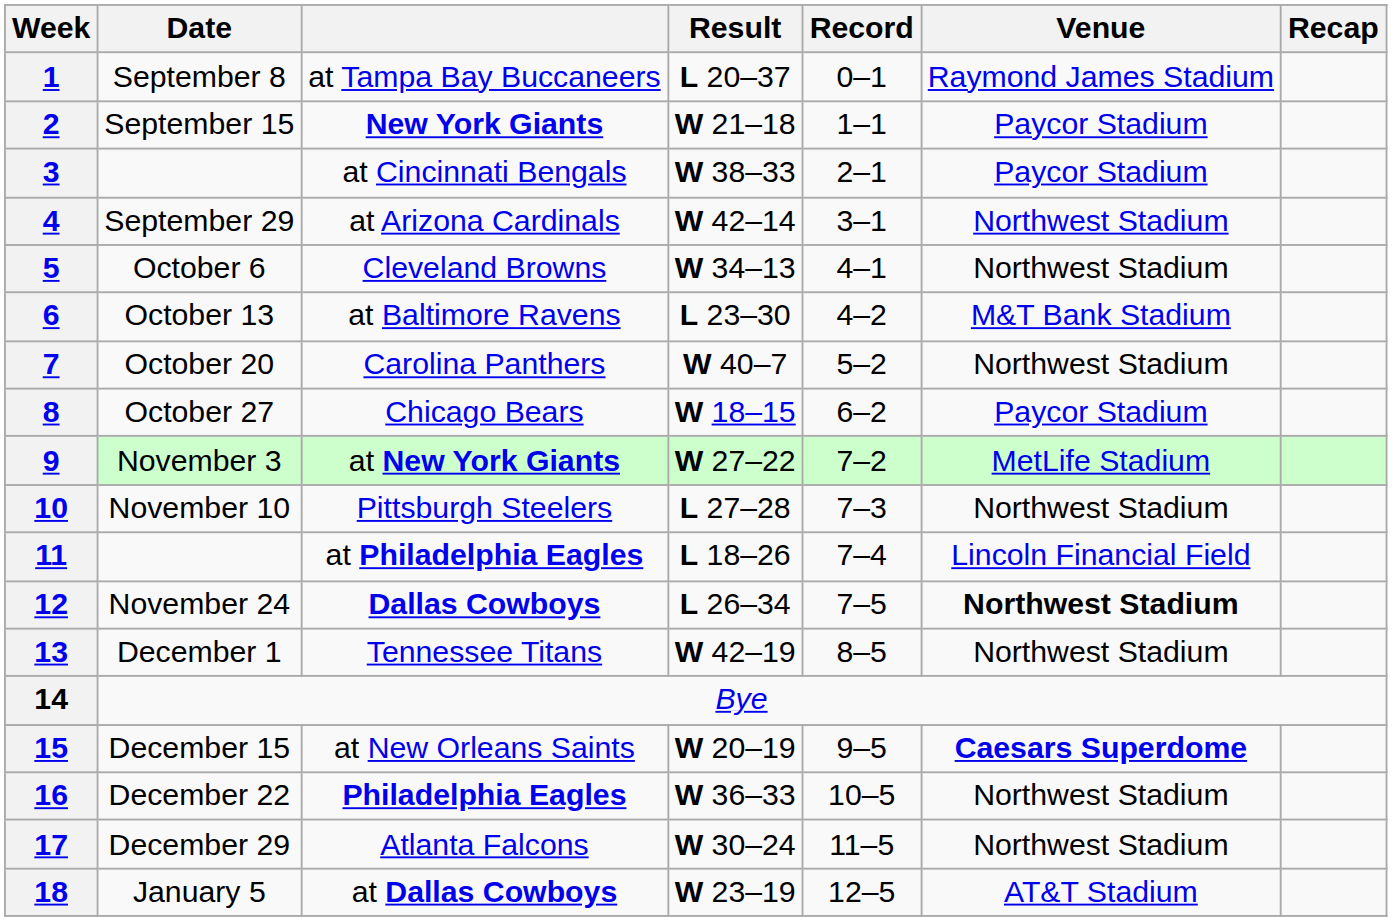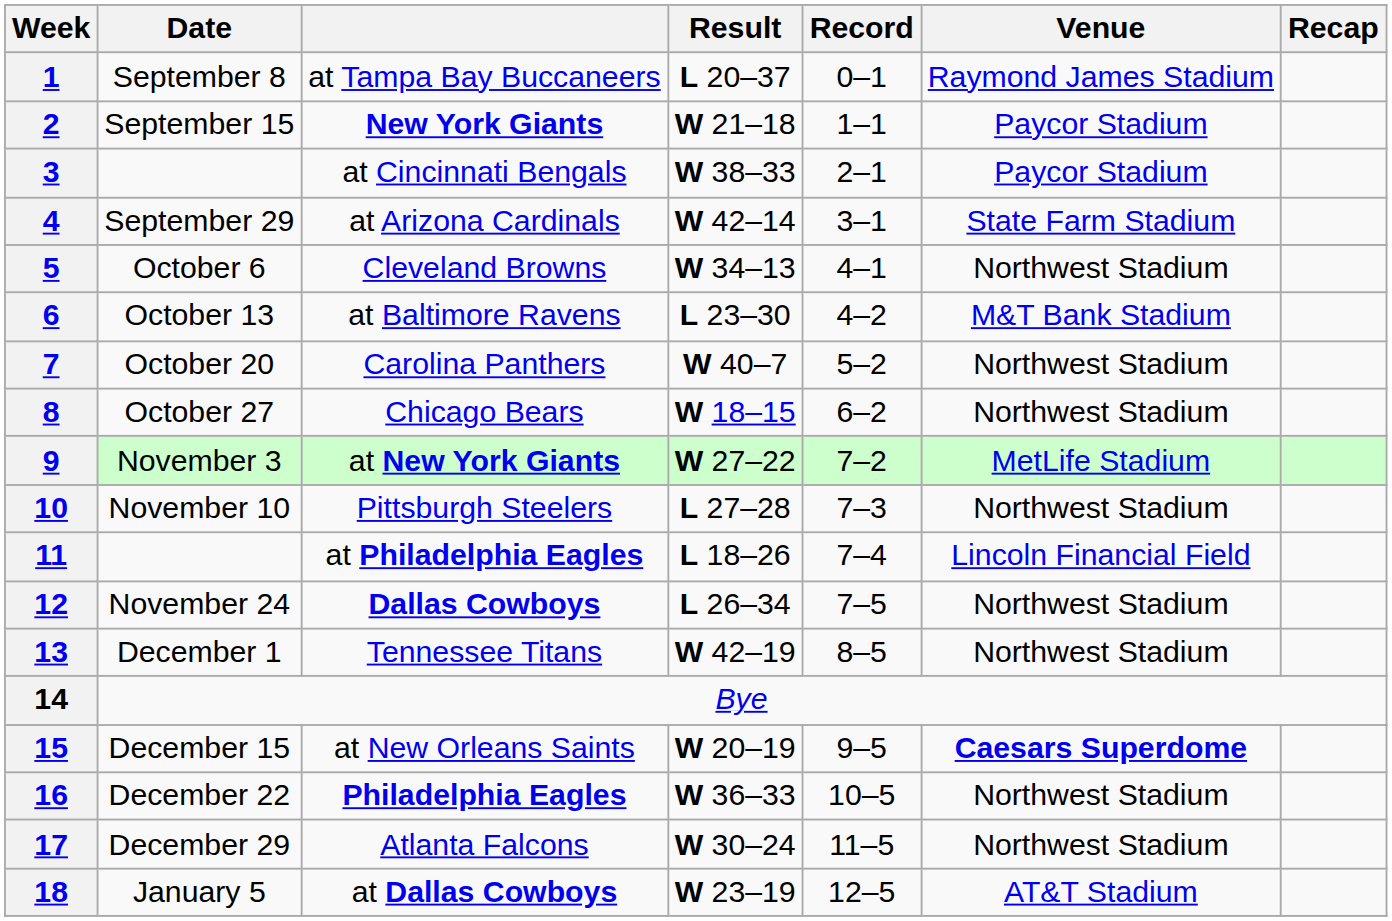 <table class="wikitable" style="text-align:center">
 <tr>
 <th>Week</th>
 <th>Date</th>
 <th></th>
 <th>Result</th>
 <th>Record</th>
 <th>Venue</th>
 <th>Recap</th>
 </tr>
 <tr>
 <th><a href='#'>1</a></th>
 <td>September 8</td>
 <td>at <a href='#'>Tampa Bay Buccaneers</a></td>
 <td><strong>L</strong> 20–37</td>
 <td>0–1</td>
 <td><a href='#'>Raymond James Stadium</a></td>
 <td></td>
 </tr>
 <tr>
 <th><a href='#'>2</a></th>
 <td>September 15</td>
 <td><strong><a href='#'>New York Giants</a></strong></td>
 <td><strong>W</strong> 21–18</td>
 <td>1–1</td>
 <td><a href='#'>Paycor Stadium</a></td>
 <td></td>
 </tr>
 <tr>
 <th><a href='#'>3</a></th>
 <td></td>
 <td>at <a href='#'>Cincinnati Bengals</a></td>
 <td><strong>W</strong> 38–33</td>
 <td>2–1</td>
 <td><a href='#'>Paycor Stadium</a></td>
 <td></td>
 </tr>
 <tr>
 <th><a href='#'>4</a></th>
 <td>September 29</td>
 <td>at <a href='#'>Arizona Cardinals</a></td>
 <td><strong>W</strong> 42–14</td>
 <td>3–1</td>
-<td><a href='#'>Northwest Stadium</a></td>
+<td><a href='#'>State Farm Stadium</a></td>
 <td></td>
 </tr>
 <tr>
 <th><a href='#'>5</a></th>
 <td>October 6</td>
 <td><a href='#'>Cleveland Browns</a></td>
 <td><strong>W</strong> 34–13</td>
 <td>4–1</td>
 <td>Northwest Stadium</td>
 <td></td>
 </tr>
 <tr>
 <th><a href='#'>6</a></th>
 <td>October 13</td>
 <td>at <a href='#'>Baltimore Ravens</a></td>
 <td><strong>L</strong> 23–30</td>
 <td>4–2</td>
 <td><a href='#'>M&T Bank Stadium</a></td>
 <td></td>
 </tr>
 <tr>
 <th><a href='#'>7</a></th>
 <td>October 20</td>
 <td><a href='#'>Carolina Panthers</a></td>
 <td><strong>W</strong> 40–7</td>
 <td>5–2</td>
 <td>Northwest Stadium</td>
 <td></td>
 </tr>
 <tr>
 <th><a href='#'>8</a></th>
 <td>October 27</td>
 <td><a href='#'>Chicago Bears</a></td>
 <td><strong>W</strong> <a href='#'>18–15</a></td>
 <td>6–2</td>
-<td><a href='#'>Paycor Stadium</a></td>
+<td>Northwest Stadium</td>
 <td></td>
 </tr>
 <tr style="background:#cfc">
 <th><a href='#'>9</a></th>
 <td>November 3</td>
 <td>at <strong><a href='#'>New York Giants</a></strong></td>
 <td><strong>W</strong> 27–22</td>
 <td>7–2</td>
 <td><a href='#'>MetLife Stadium</a></td>
 <td></td>
 </tr>
 <tr>
 <th><a href='#'>10</a></th>
 <td>November 10</td>
 <td><a href='#'>Pittsburgh Steelers</a></td>
 <td><strong>L</strong> 27–28</td>
 <td>7–3</td>
 <td>Northwest Stadium</td>
 <td></td>
 </tr>
 <tr>
 <th><a href='#'>11</a></th>
 <td></td>
 <td>at <strong><a href='#'>Philadelphia Eagles</a></strong></td>
 <td><strong>L</strong> 18–26</td>
 <td>7–4</td>
 <td><a href='#'>Lincoln Financial Field</a></td>
 <td></td>
 </tr>
 <tr>
 <th><a href='#'>12</a></th>
 <td>November 24</td>
 <td><strong><a href='#'>Dallas Cowboys</a></strong></td>
 <td><strong>L</strong> 26–34</td>
 <td>7–5</td>
-<td><strong>Northwest Stadium</strong></td>
+<td>Northwest Stadium</td>
 <td></td>
 </tr>
 <tr>
 <th><a href='#'>13</a></th>
 <td>December 1</td>
 <td><a href='#'>Tennessee Titans</a></td>
 <td><strong>W</strong> 42–19</td>
 <td>8–5</td>
 <td>Northwest Stadium</td>
 <td></td>
 </tr>
 <tr>
 <th>14</th>
 <td colspan="6"><em><a href='#'>Bye</a></em></td>
 </tr>
 <tr>
 <th><a href='#'>15</a></th>
 <td>December 15</td>
 <td>at <a href='#'>New Orleans Saints</a></td>
 <td><strong>W</strong> 20–19</td>
 <td>9–5</td>
 <td><strong><a href='#'>Caesars Superdome</a></strong></td>
 <td></td>
 </tr>
 <tr>
 <th><a href='#'>16</a></th>
 <td>December 22</td>
 <td><strong><a href='#'>Philadelphia Eagles</a></strong></td>
 <td><strong>W</strong> 36–33</td>
 <td>10–5</td>
 <td>Northwest Stadium</td>
 <td></td>
 </tr>
 <tr>
 <th><a href='#'>17</a></th>
 <td>December 29</td>
 <td><a href='#'>Atlanta Falcons</a></td>
 <td><strong>W</strong> 30–24 </td>
 <td>11–5</td>
 <td>Northwest Stadium</td>
 <td></td>
 </tr>
 <tr>
 <th><a href='#'>18</a></th>
 <td>January 5</td>
 <td>at <strong><a href='#'>Dallas Cowboys</a></strong></td>
 <td><strong>W</strong> 23–19</td>
 <td>12–5</td>
 <td><a href='#'>AT&T Stadium</a></td>
 <td></td>
 </tr>
 </table>
